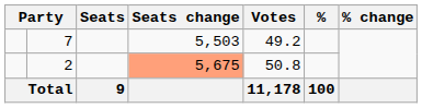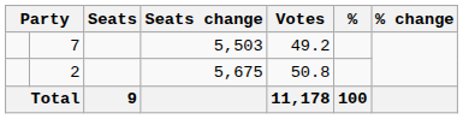 <table class="wikitable sortable">
 <tr>
 <th colspan=2>Party</th>
 <th>Seats</th>
 <th>Seats change</th>
 <th>Votes</th>
 <th>%</th>
 <th>% change</th>
 </tr>
 <tr>
 <td></td>
 <td align=right>7</td>
 <td align=right></td>
 <td align=right>5,503</td>
 <td align=right>49.2</td>
 <td align=right></td>
 </tr>
 <tr>
 <td></td>
 <td align=right>2</td>
 <td align=right></td>
-<td align=right style="background: lightsalmon;">5,675</td>
+<td align=right>5,675</td>
 <td align=right>50.8</td>
 <td align=right></td>
 </tr>
 <tr class="sortbottom" style="font-weight: bold; text-align: right; background: #f2f2f2;">
 <th colspan="2" style="padding-left: 1.5em; text-align: left;">Total</th>
 <td align=right>9</td>
 <td align=right></td>
 <td align=right>11,178</td>
 <td align=right>100</td>
 <td align=right></td>
 </tr>
 </table>
